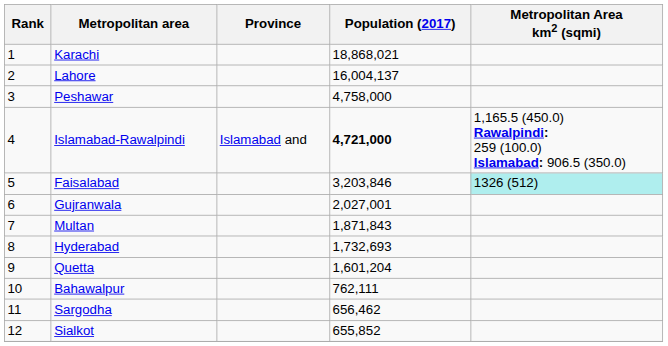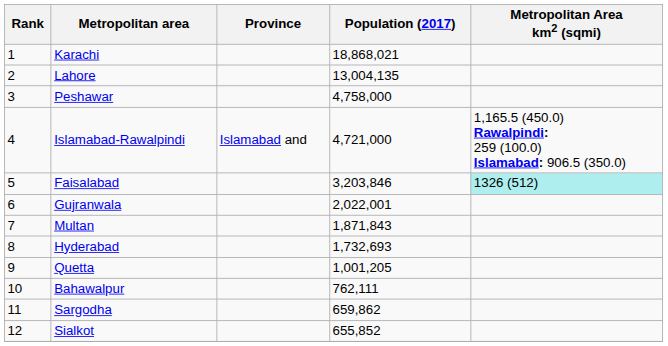 <table class="wikitable sortable mw-collapsible" style="width:40%;">
 <tr>
 <th>Rank</th>
 <th>Metropolitan area</th>
 <th>Province</th>
 <th>Population (<a href='#'>2017</a>)</th>
 <th>Metropolitan Area <br>km<sup>2</sup> (sqmi)</th>
 </tr>
 <tr>
 <td>1</td>
 <td><a href='#'>Karachi</a></td>
 <td></td>
 <td>18,868,021</td>
 <td></td>
 </tr>
 <tr>
 <td>2</td>
 <td><a href='#'>Lahore</a></td>
 <td></td>
-<td>16,004,137</td>
+<td>13,004,135</td>
 <td></td>
 </tr>
 <tr>
 <td>3</td>
 <td><a href='#'>Peshawar</a></td>
 <td></td>
 <td>4,758,000</td>
 <td></td>
 </tr>
 <tr>
 <td>4</td>
 <td><a href='#'>Islamabad-Rawalpindi</a></td>
 <td><a href='#'>Islamabad</a> and<br></td>
-<td><strong>4,721,000</strong></td>
+<td>4,721,000</td>
 <td>1,165.5 (450.0)<br><strong><a href='#'>Rawalpindi</a>:</strong><br>259 (100.0)<br><strong><a href='#'>Islamabad</a>:</strong> 906.5 (350.0)</td>
 </tr>
 <tr>
 <td>5</td>
 <td><a href='#'>Faisalabad</a></td>
 <td></td>
 <td>3,203,846</td>
 <td style="background: paleturquoise;">1326 (512)</td>
 </tr>
 <tr>
 <td>6</td>
 <td><a href='#'>Gujranwala</a></td>
 <td></td>
-<td>2,027,001</td>
+<td>2,022,001</td>
 <td></td>
 </tr>
 <tr>
 <td>7</td>
 <td><a href='#'>Multan</a></td>
 <td></td>
 <td>1,871,843</td>
 <td></td>
 </tr>
 <tr>
 <td>8</td>
 <td><a href='#'>Hyderabad</a></td>
 <td></td>
 <td>1,732,693</td>
 <td></td>
 </tr>
 <tr>
 <td>9</td>
 <td><a href='#'>Quetta</a></td>
 <td></td>
-<td>1,601,204</td>
+<td>1,001,205</td>
 <td></td>
 </tr>
 <tr>
 <td>10</td>
 <td><a href='#'>Bahawalpur</a></td>
 <td></td>
 <td>762,111</td>
 <td></td>
 </tr>
 <tr>
 <td>11</td>
 <td><a href='#'>Sargodha</a></td>
 <td></td>
-<td>656,462</td>
+<td>659,862</td>
 <td></td>
 </tr>
 <tr>
 <td>12</td>
 <td><a href='#'>Sialkot</a></td>
 <td></td>
 <td>655,852</td>
 <td></td>
 </tr>
 <tr>
 </tr>
 </table>
